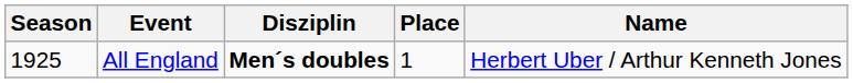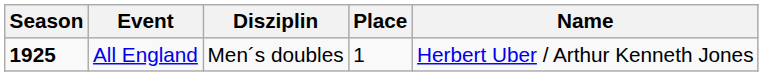 <table class=wikitable style=font-size:90%;>
 <tr>
 <th>Season</th>
 <th>Event</th>
 <th>Disziplin</th>
 <th>Place</th>
 <th>Name</th>
 </tr>
 <tr>
-<td>1925</td>
+<td><strong>1925</strong></td>
 <td><a href='#'>All England</a></td>
-<td><strong>Men´s doubles</strong></td>
+<td>Men´s doubles</td>
 <td>1</td>
 <td><a href='#'>Herbert Uber</a> / Arthur Kenneth Jones</td>
 </tr>
 </table>
